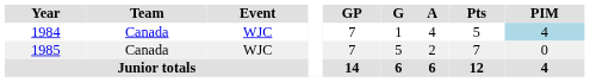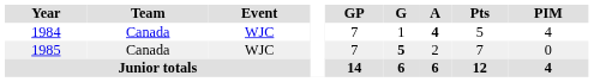 <table border="0" cellpadding="1" cellspacing="0" style="text-align:center; width:40em">
 <tr ALIGN="center" bgcolor="#e0e0e0">
 <th>Year</th>
 <th>Team</th>
 <th>Event</th>
 <th ALIGN="center" rowspan="99" bgcolor="#ffffff"> </th>
 <th>GP</th>
 <th>G</th>
 <th>A</th>
 <th>Pts</th>
 <th>PIM</th>
 </tr>
 <tr>
 <td><a href='#'>1984</a></td>
 <td><a href='#'>Canada</a></td>
 <td><a href='#'>WJC</a></td>
 <td>7</td>
 <td>1</td>
+<td><strong>4</strong></td>
+<td>5</td>
 <td>4</td>
-<td>5</td>
-<td style="background: lightblue;">4</td>
 </tr>
 <tr bgcolor="#f0f0f0">
 <td><a href='#'>1985</a></td>
 <td>Canada</td>
 <td>WJC</td>
 <td>7</td>
-<td>5</td>
+<td><strong>5</strong></td>
 <td>2</td>
 <td>7</td>
 <td>0</td>
 </tr>
 <tr bgcolor="#e0e0e0">
 <th colspan="3">Junior totals</th>
 <th>14</th>
 <th>6</th>
 <th>6</th>
 <th>12</th>
 <th>4</th>
 </tr>
 </table>
